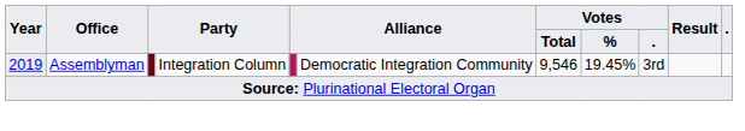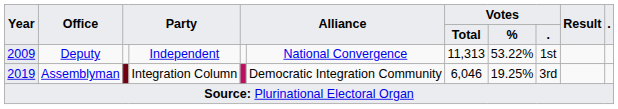 <table class="wikitable" style="font-size:90%; text-align:center;">
 <tr>
 <th style="background-color:#EAECF0;" rowspan=2>Year</th>
 <th style="background-color:#EAECF0;" rowspan=2>Office</th>
 <th style="background-color:#EAECF0;" colspan=2 rowspan=2>Party</th>
 <th style="background-color:#EAECF0;" colspan=2 rowspan=2>Alliance</th>
 <th style="background-color:#EAECF0;" colspan=3>Votes</th>
 <th style="background-color:#EAECF0;" rowspan=2>Result</th>
 <th style="background-color:#EAECF0;" rowspan=2>.</th>
 </tr>
 <tr>
 <th style="background-color:#EAECF0;">Total</th>
 <th style="background-color:#EAECF0;">%</th>
 <th style="background-color:#EAECF0;">.</th>
 </tr>
 <tr>
+<td style="background-color:#EAECF0;"><a href='#'>2009</a></td>
+<td><a href='#'>Deputy</a></td>
+<td style="background-color:"></td>
+<td><a href='#'>Independent</a></td>
+<td style="background-color:"></td>
+<td><a href='#'>National Convergence</a></td>
+<td>11,313</td>
+<td>53.22%</td>
+<td>1st</td>
+<td></td>
+<td></td>
+</tr>
+<tr>
 <td style="background-color:#EAECF0;"><a href='#'>2019</a></td>
 <td><a href='#'>Assemblyman</a></td>
 <td style="background-color:#6D0013;"></td>
 <td>Integration Column</td>
 <td style="background-color:#BD0F60;"></td>
 <td>Democratic Integration Community</td>
-<td>9,546</td>
-<td>19.45%</td>
+<td>6,046</td>
+<td>19.25%</td>
 <td>3rd</td>
 <td></td>
 <td></td>
 </tr>
 <tr>
 <td style="background-color:#EAECF0;" colspan=11><strong>Source:</strong> <a href='#'>Plurinational Electoral Organ</a>  </td>
 </tr>
 </table>
